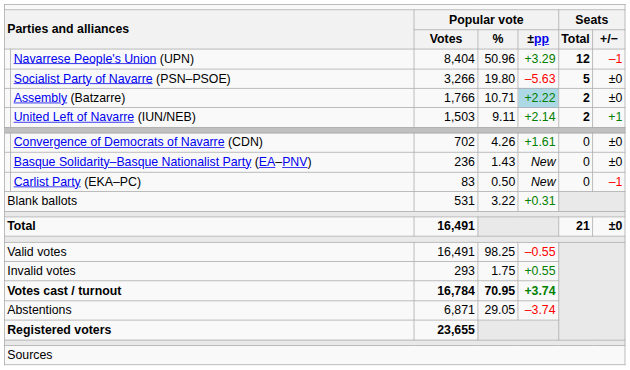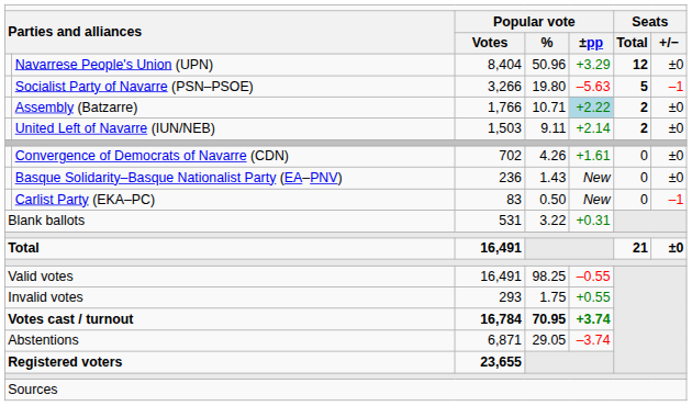 <table class="wikitable" style="text-align:right;">
 <tr>
 <td colspan="7"></td>
 </tr>
 <tr>
 <th style="text-align:left;" rowspan="2" colspan="2" width="525">Parties and alliances</th>
 <th colspan="3">Popular vote</th>
 <th colspan="2">Seats</th>
 </tr>
 <tr>
 <th width="75">Votes</th>
 <th width="45">%</th>
 <th width="45">±<a href='#'>pp</a></th>
 <th width="35">Total</th>
 <th width="35">+/−</th>
 </tr>
 <tr>
 <td width="1" style="color:inherit;background:"></td>
 <td align="left"><a href='#'>Navarrese People's Union</a> (UPN)</td>
 <td>8,404</td>
 <td>50.96</td>
 <td style="color:green;">+3.29</td>
 <td><strong>12</strong></td>
-<td style="color:red;">–1</td>
+<td>±0</td>
 </tr>
 <tr>
 <td style="color:inherit;background:"></td>
 <td align="left"><a href='#'>Socialist Party of Navarre</a> (PSN–PSOE)</td>
 <td>3,266</td>
 <td>19.80</td>
 <td style="color:red;">–5.63</td>
 <td><strong>5</strong></td>
-<td>±0</td>
+<td style="color:red;">–1</td>
 </tr>
 <tr>
 <td style="color:inherit;background:"></td>
 <td align="left"><a href='#'>Assembly</a> (Batzarre)</td>
 <td>1,766</td>
 <td>10.71</td>
 <td style="background: lightblue; color:green;">+2.22</td>
 <td><strong>2</strong></td>
 <td>±0</td>
 </tr>
 <tr>
 <td style="color:inherit;background:"></td>
 <td align="left"><a href='#'>United Left of Navarre</a> (IUN/NEB)</td>
 <td>1,503</td>
 <td>9.11</td>
 <td style="color:green;">+2.14</td>
 <td><strong>2</strong></td>
-<td style="color:green;">+1</td>
+<td>±0</td>
 </tr>
 <tr>
 <td colspan="7" bgcolor="#C0C0C0"></td>
 </tr>
 <tr>
 <td style="color:inherit;background:"></td>
 <td align="left"><a href='#'>Convergence of Democrats of Navarre</a> (CDN)</td>
 <td>702</td>
 <td>4.26</td>
 <td style="color:green;">+1.61</td>
 <td>0</td>
 <td>±0</td>
 </tr>
 <tr>
 <td style="color:inherit;background:"></td>
 <td align="left"><a href='#'>Basque Solidarity–Basque Nationalist Party</a> (<a href='#'>EA</a>–<a href='#'>PNV</a>)</td>
 <td>236</td>
 <td>1.43</td>
 <td><em>New</em></td>
 <td>0</td>
 <td>±0</td>
 </tr>
 <tr>
 <td style="color:inherit;background:"></td>
 <td align="left"><a href='#'>Carlist Party</a> (EKA–PC)</td>
 <td>83</td>
 <td>0.50</td>
 <td><em>New</em></td>
 <td>0</td>
 <td style="color:red;">–1</td>
 </tr>
 <tr>
 <td align="left" colspan="2">Blank ballots</td>
 <td>531</td>
 <td>3.22</td>
 <td style="color:green;">+0.31</td>
 <td bgcolor="#E9E9E9" colspan="2"></td>
 </tr>
 <tr>
 <td colspan="7" bgcolor="#E9E9E9"></td>
 </tr>
 <tr style="font-weight:bold;">
 <td align="left" colspan="2">Total</td>
 <td>16,491</td>
 <td bgcolor="#E9E9E9" colspan="2"></td>
 <td>21</td>
 <td>±0</td>
 </tr>
 <tr>
 <td colspan="7" bgcolor="#E9E9E9"></td>
 </tr>
 <tr>
 <td align="left" colspan="2">Valid votes</td>
 <td>16,491</td>
 <td>98.25</td>
 <td style="color:red;">–0.55</td>
 <td bgcolor="#E9E9E9" colspan="2" rowspan="5"></td>
 </tr>
 <tr>
 <td align="left" colspan="2">Invalid votes</td>
 <td>293</td>
 <td>1.75</td>
 <td style="color:green;">+0.55</td>
 </tr>
 <tr style="font-weight:bold;">
 <td align="left" colspan="2">Votes cast / turnout</td>
 <td>16,784</td>
 <td>70.95</td>
 <td style="color:green;">+3.74</td>
 </tr>
 <tr>
 <td align="left" colspan="2">Abstentions</td>
 <td>6,871</td>
 <td>29.05</td>
 <td style="color:red;">–3.74</td>
 </tr>
 <tr style="font-weight:bold;">
 <td align="left" colspan="2">Registered voters</td>
 <td>23,655</td>
 <td bgcolor="#E9E9E9" colspan="2"></td>
 </tr>
 <tr>
 <td colspan="7" bgcolor="#E9E9E9"></td>
 </tr>
 <tr>
 <td align="left" colspan="7">Sources</td>
 </tr>
 </table>
